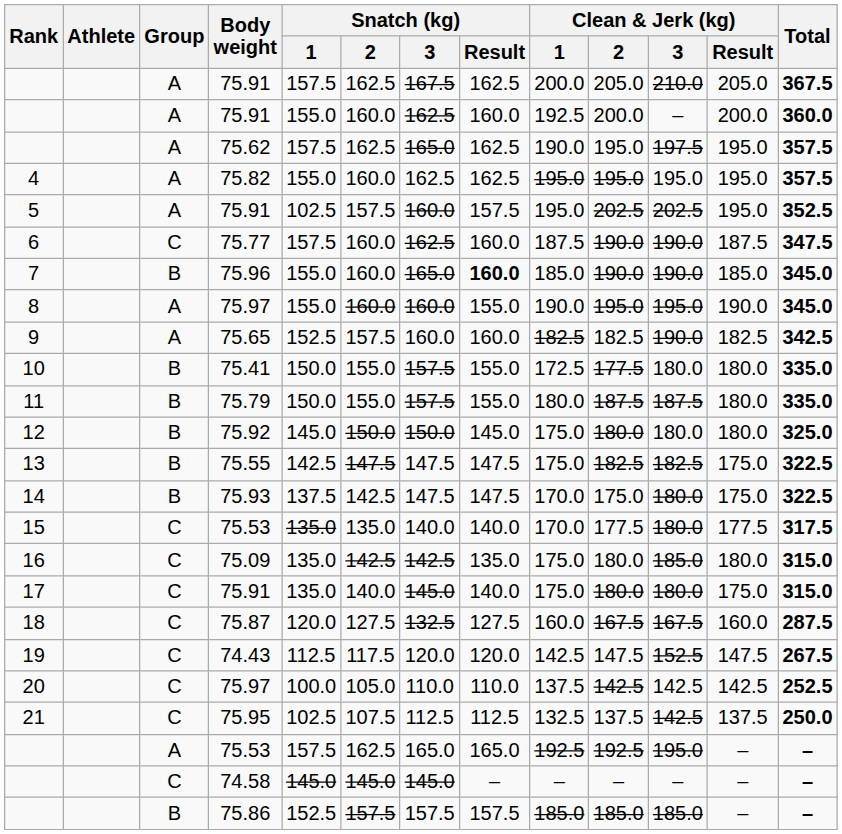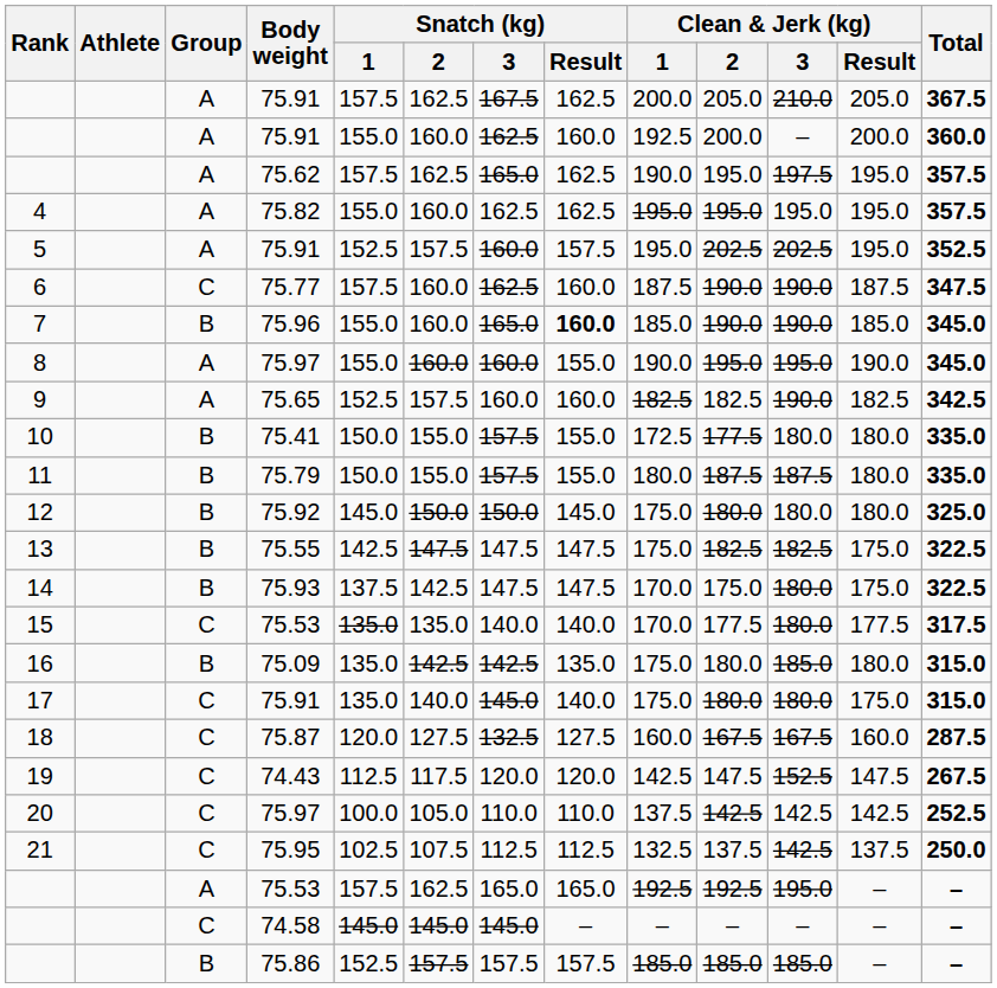 <table class="wikitable" style=" text-align:center;">
 <tr>
 <th rowspan=2 width=40>Rank</th>
 <th rowspan=2 width=250>Athlete</th>
 <th rowspan=2 width=50>Group</th>
 <th rowspan=2 width=60>Body weight</th>
 <th colspan=4>Snatch (kg)</th>
 <th colspan=4>Clean & Jerk (kg)</th>
 <th rowspan=2 width=60>Total</th>
 </tr>
 <tr>
 <th width=40>1</th>
 <th width=40>2</th>
 <th width=40>3</th>
 <th width=55>Result</th>
 <th width=40>1</th>
 <th width=40>2</th>
 <th width=40>3</th>
 <th width=55>Result</th>
 </tr>
 <tr>
 <td></td>
 <td align=left></td>
 <td>A</td>
 <td>75.91</td>
 <td>157.5</td>
 <td>162.5</td>
 <td><s>167.5</s></td>
 <td>162.5</td>
 <td>200.0</td>
 <td>205.0</td>
 <td><s>210.0</s></td>
 <td>205.0</td>
 <td><strong>367.5</strong></td>
 </tr>
 <tr>
 <td></td>
 <td align=left></td>
 <td>A</td>
 <td>75.91</td>
 <td>155.0</td>
 <td>160.0</td>
 <td><s>162.5</s></td>
 <td>160.0</td>
 <td>192.5</td>
 <td>200.0</td>
 <td>–</td>
 <td>200.0</td>
 <td><strong>360.0</strong></td>
 </tr>
 <tr>
 <td></td>
 <td align=left></td>
 <td>A</td>
 <td>75.62</td>
 <td>157.5</td>
 <td>162.5</td>
 <td><s>165.0</s></td>
 <td>162.5</td>
 <td>190.0</td>
 <td>195.0</td>
 <td><s>197.5</s></td>
 <td>195.0</td>
 <td><strong>357.5</strong></td>
 </tr>
 <tr>
 <td>4</td>
 <td align=left></td>
 <td>A</td>
 <td>75.82</td>
 <td>155.0</td>
 <td>160.0</td>
 <td>162.5</td>
 <td>162.5</td>
 <td><s>195.0</s></td>
 <td><s>195.0</s></td>
 <td>195.0</td>
 <td>195.0</td>
 <td><strong>357.5</strong></td>
 </tr>
 <tr>
 <td>5</td>
 <td align=left></td>
 <td>A</td>
 <td>75.91</td>
-<td>102.5</td>
+<td>152.5</td>
 <td>157.5</td>
 <td><s>160.0</s></td>
 <td>157.5</td>
 <td>195.0</td>
 <td><s>202.5</s></td>
 <td><s>202.5</s></td>
 <td>195.0</td>
 <td><strong>352.5</strong></td>
 </tr>
 <tr>
 <td>6</td>
 <td align=left></td>
 <td>C</td>
 <td>75.77</td>
 <td>157.5</td>
 <td>160.0</td>
 <td><s>162.5</s></td>
 <td>160.0</td>
 <td>187.5</td>
 <td><s>190.0</s></td>
 <td><s>190.0</s></td>
 <td>187.5</td>
 <td><strong>347.5</strong></td>
 </tr>
 <tr>
 <td>7</td>
 <td align=left></td>
 <td>B</td>
 <td>75.96</td>
 <td>155.0</td>
 <td>160.0</td>
 <td><s>165.0</s></td>
 <td><strong>160.0</strong></td>
 <td>185.0</td>
 <td><s>190.0</s></td>
 <td><s>190.0</s></td>
 <td>185.0</td>
 <td><strong>345.0</strong></td>
 </tr>
 <tr>
 <td>8</td>
 <td align=left></td>
 <td>A</td>
 <td>75.97</td>
 <td>155.0</td>
 <td><s>160.0</s></td>
 <td><s>160.0</s></td>
 <td>155.0</td>
 <td>190.0</td>
 <td><s>195.0</s></td>
 <td><s>195.0</s></td>
 <td>190.0</td>
 <td><strong>345.0</strong></td>
 </tr>
 <tr>
 <td>9</td>
 <td align=left></td>
 <td>A</td>
 <td>75.65</td>
 <td>152.5</td>
 <td>157.5</td>
 <td>160.0</td>
 <td>160.0</td>
 <td><s>182.5</s></td>
 <td>182.5</td>
 <td><s>190.0</s></td>
 <td>182.5</td>
 <td><strong>342.5</strong></td>
 </tr>
 <tr>
 <td>10</td>
 <td align=left></td>
 <td>B</td>
 <td>75.41</td>
 <td>150.0</td>
 <td>155.0</td>
 <td><s>157.5</s></td>
 <td>155.0</td>
 <td>172.5</td>
 <td><s>177.5</s></td>
 <td>180.0</td>
 <td>180.0</td>
 <td><strong>335.0</strong></td>
 </tr>
 <tr>
 <td>11</td>
 <td align=left></td>
 <td>B</td>
 <td>75.79</td>
 <td>150.0</td>
 <td>155.0</td>
 <td><s>157.5</s></td>
 <td>155.0</td>
 <td>180.0</td>
 <td><s>187.5</s></td>
 <td><s>187.5</s></td>
 <td>180.0</td>
 <td><strong>335.0</strong></td>
 </tr>
 <tr>
 <td>12</td>
 <td align=left></td>
 <td>B</td>
 <td>75.92</td>
 <td>145.0</td>
 <td><s>150.0</s></td>
 <td><s>150.0</s></td>
 <td>145.0</td>
 <td>175.0</td>
 <td><s>180.0</s></td>
 <td>180.0</td>
 <td>180.0</td>
 <td><strong>325.0</strong></td>
 </tr>
 <tr>
 <td>13</td>
 <td align=left></td>
 <td>B</td>
 <td>75.55</td>
 <td>142.5</td>
 <td><s>147.5</s></td>
 <td>147.5</td>
 <td>147.5</td>
 <td>175.0</td>
 <td><s>182.5</s></td>
 <td><s>182.5</s></td>
 <td>175.0</td>
 <td><strong>322.5</strong></td>
 </tr>
 <tr>
 <td>14</td>
 <td align=left></td>
 <td>B</td>
 <td>75.93</td>
 <td>137.5</td>
 <td>142.5</td>
 <td>147.5</td>
 <td>147.5</td>
 <td>170.0</td>
 <td>175.0</td>
 <td><s>180.0</s></td>
 <td>175.0</td>
 <td><strong>322.5</strong></td>
 </tr>
 <tr>
 <td>15</td>
 <td align=left></td>
 <td>C</td>
 <td>75.53</td>
 <td><s>135.0</s></td>
 <td>135.0</td>
 <td>140.0</td>
 <td>140.0</td>
 <td>170.0</td>
 <td>177.5</td>
 <td><s>180.0</s></td>
 <td>177.5</td>
 <td><strong>317.5</strong></td>
 </tr>
 <tr>
 <td>16</td>
 <td align=left></td>
-<td>C</td>
+<td>B</td>
 <td>75.09</td>
 <td>135.0</td>
 <td><s>142.5</s></td>
 <td><s>142.5</s></td>
 <td>135.0</td>
 <td>175.0</td>
 <td>180.0</td>
 <td><s>185.0</s></td>
 <td>180.0</td>
 <td><strong>315.0</strong></td>
 </tr>
 <tr>
 <td>17</td>
 <td align=left></td>
 <td>C</td>
 <td>75.91</td>
 <td>135.0</td>
 <td>140.0</td>
 <td><s>145.0</s></td>
 <td>140.0</td>
 <td>175.0</td>
 <td><s>180.0</s></td>
 <td><s>180.0</s></td>
 <td>175.0</td>
 <td><strong>315.0</strong></td>
 </tr>
 <tr>
 <td>18</td>
 <td align="left"></td>
 <td>C</td>
 <td>75.87</td>
 <td>120.0</td>
 <td>127.5</td>
 <td><s>132.5</s></td>
 <td>127.5</td>
 <td>160.0</td>
 <td><s>167.5</s></td>
 <td><s>167.5</s></td>
 <td>160.0</td>
 <td><strong>287.5</strong></td>
 </tr>
 <tr>
 <td>19</td>
 <td align="left"></td>
 <td>C</td>
 <td>74.43</td>
 <td>112.5</td>
 <td>117.5</td>
 <td>120.0</td>
 <td>120.0</td>
 <td>142.5</td>
 <td>147.5</td>
 <td><s>152.5</s></td>
 <td>147.5</td>
 <td><strong>267.5</strong></td>
 </tr>
 <tr>
 <td>20</td>
 <td align="left"></td>
 <td>C</td>
 <td>75.97</td>
 <td>100.0</td>
 <td>105.0</td>
 <td>110.0</td>
 <td>110.0</td>
 <td>137.5</td>
 <td><s>142.5</s></td>
 <td>142.5</td>
 <td>142.5</td>
 <td><strong>252.5</strong></td>
 </tr>
 <tr>
 <td>21</td>
 <td align="left"></td>
 <td>C</td>
 <td>75.95</td>
 <td>102.5</td>
 <td>107.5</td>
 <td>112.5</td>
 <td>112.5</td>
 <td>132.5</td>
 <td>137.5</td>
 <td><s>142.5</s></td>
 <td>137.5</td>
 <td><strong>250.0</strong></td>
 </tr>
 <tr>
 <td></td>
 <td align="left"></td>
 <td>A</td>
 <td>75.53</td>
 <td>157.5</td>
 <td>162.5</td>
 <td>165.0</td>
 <td>165.0</td>
 <td><s>192.5</s></td>
 <td><s>192.5</s></td>
 <td><s>195.0</s></td>
 <td>–</td>
 <td><strong>–</strong></td>
 </tr>
 <tr>
 <td></td>
 <td align="left"></td>
 <td>C</td>
 <td>74.58</td>
 <td><s>145.0</s></td>
 <td><s>145.0</s></td>
 <td><s>145.0</s></td>
 <td>–</td>
 <td>–</td>
 <td>–</td>
 <td>–</td>
 <td>–</td>
 <td><strong>–</strong></td>
 </tr>
 <tr>
 <td></td>
 <td align="left"></td>
 <td>B</td>
 <td>75.86</td>
 <td>152.5</td>
 <td><s>157.5</s></td>
 <td>157.5</td>
 <td>157.5</td>
 <td><s>185.0</s></td>
 <td><s>185.0</s></td>
 <td><s>185.0</s></td>
 <td>–</td>
 <td><strong>–</strong></td>
 </tr>
 </table>
